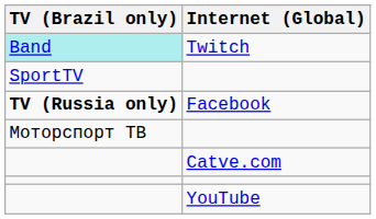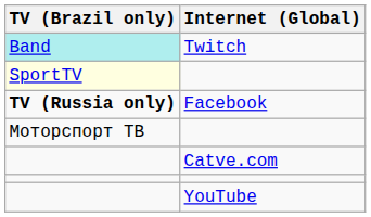 <table class="wikitable">
 <tr>
 <th>TV (Brazil only)</th>
 <th>Internet (Global)</th>
 </tr>
 <tr>
 <td style="background: paleturquoise;"><a href='#'>Band</a></td>
 <td><a href='#'>Twitch</a></td>
 </tr>
 <tr>
-<td><a href='#'>SportTV</a></td>
+<td style="background: lightyellow;"><a href='#'>SportTV</a></td>
 <td></td>
 </tr>
 <tr>
 <td><strong>TV (Russia only)</strong></td>
 <td><a href='#'>Facebook</a></td>
 </tr>
 <tr>
 <td>Моторспорт ТВ</td>
 <td> </td>
 </tr>
 <tr>
 <td></td>
 <td><a href='#'>Catve.com</a></td>
 </tr>
 <tr>
 <td></td>
 <td></td>
 </tr>
 <tr>
 <td></td>
 <td><a href='#'>YouTube</a></td>
 </tr>
 </table>
